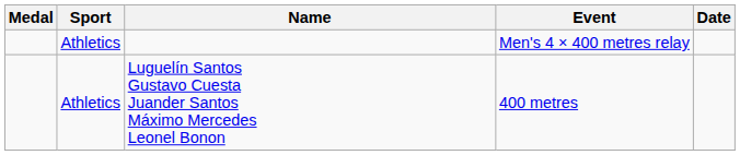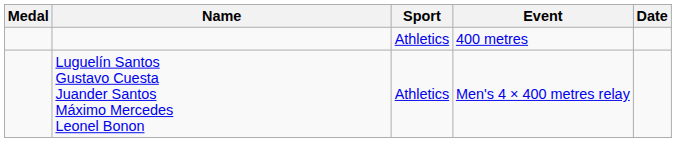 <table class="wikitable sortable" border="1" style="font-size:95%">
 <tr>
 <th>Medal</th>
+<th width=350px>Name</th>
 <th>Sport</th>
-<th width=350px>Name</th>
 <th>Event</th>
 <th>Date</th>
 </tr>
 <tr>
 <td></td>
+<td></td>
 <td><a href='#'>Athletics</a></td>
-<td></td>
-<td><a href='#'>Men's 4 × 400 metres relay</a></td>
+<td><a href='#'>400 metres</a></td>
 <td></td>
 </tr>
 <tr>
 <td></td>
+<td><a href='#'>Luguelín Santos</a><br><a href='#'>Gustavo Cuesta</a><br><a href='#'>Juander Santos</a><br><a href='#'>Máximo Mercedes</a><br><a href='#'>Leonel Bonon</a></td>
 <td><a href='#'>Athletics</a></td>
-<td><a href='#'>Luguelín Santos</a><br><a href='#'>Gustavo Cuesta</a><br><a href='#'>Juander Santos</a><br><a href='#'>Máximo Mercedes</a><br><a href='#'>Leonel Bonon</a></td>
-<td><a href='#'>400 metres</a></td>
+<td><a href='#'>Men's 4 × 400 metres relay</a></td>
 <td></td>
 </tr>
 </table>
